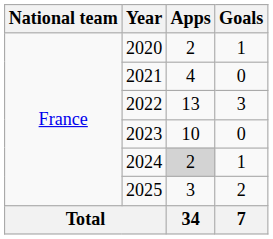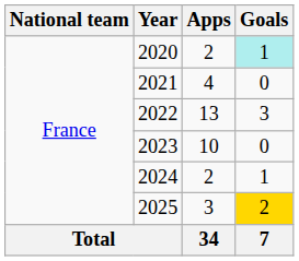 <table class="wikitable" style="text-align:center">
 <tr>
 <th>National team</th>
 <th>Year</th>
 <th>Apps</th>
 <th>Goals</th>
 </tr>
 <tr>
 <td rowspan="6"><a href='#'>France</a></td>
 <td>2020</td>
 <td>2</td>
-<td>1</td>
+<td style="background: paleturquoise;">1</td>
 </tr>
 <tr>
 <td>2021</td>
 <td>4</td>
 <td>0</td>
 </tr>
 <tr>
 <td>2022</td>
 <td>13</td>
 <td>3</td>
 </tr>
 <tr>
 <td>2023</td>
 <td>10</td>
 <td>0</td>
 </tr>
 <tr>
 <td>2024</td>
-<td style="background: lightgrey;">2</td>
+<td>2</td>
 <td>1</td>
 </tr>
 <tr>
 <td>2025</td>
 <td>3</td>
-<td>2</td>
+<td style="background: gold;">2</td>
 </tr>
 <tr>
 <th colspan="2">Total</th>
 <th>34</th>
 <th>7</th>
 </tr>
 </table>
